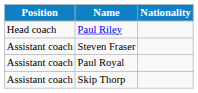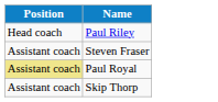 <table class="wikitable">
 <tr>
 <th style="color:white; background:#0E80C6;">Position</th>
 <th style="color:white; background:#0E80C6;">Name</th>
-<th style="color:white; background:#0E80C6;">Nationality</th>
 </tr>
 <tr>
 <td>Head coach</td>
 <td><a href='#'>Paul Riley</a></td>
-<td></td>
 </tr>
 <tr>
 <td>Assistant coach</td>
 <td>Steven Fraser</td>
-<td></td>
 </tr>
 <tr>
-<td>Assistant coach</td>
+<td style="background: khaki;">Assistant coach</td>
 <td>Paul Royal</td>
-<td></td>
 </tr>
 <tr>
 <td>Assistant coach</td>
 <td>Skip Thorp</td>
-<td></td>
 </tr>
 </table>
